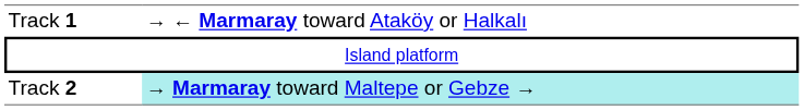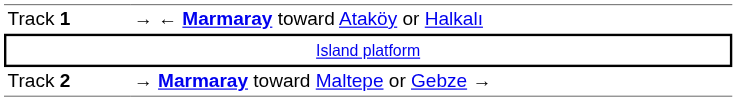 <table cellspacing=0 cellpadding=3>
 <tr>
 <td style="border-top:solid 1px gray;" width=100>Track <strong>1</strong></td>
 <td style="border-top:solid 1px gray;" width=500><span>→</span> ← <strong><a href='#'>Marmaray</a></strong> toward <a href='#'>Ataköy</a> or <a href='#'>Halkalı</a></td>
 </tr>
 <tr>
 <td style="border-top:solid 2px black;border-right:solid 2px black;border-left:solid 2px black;border-bottom:solid 2px black;text-align:center;" colspan=2><small><a href='#'>Island platform</a> </small></td>
 </tr>
 <tr>
 <td style="border-bottom:solid 1px gray;" width=100>Track <strong>2</strong></td>
-<td style="background: paleturquoise; border-bottom:solid 1px gray;" width=500><span>→</span> <strong><a href='#'>Marmaray</a></strong> toward <a href='#'>Maltepe</a> or <a href='#'>Gebze</a> →</td>
+<td style="border-bottom:solid 1px gray;" width=500><span>→</span> <strong><a href='#'>Marmaray</a></strong> toward <a href='#'>Maltepe</a> or <a href='#'>Gebze</a> →</td>
 </tr>
 </table>
